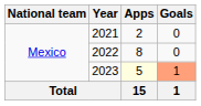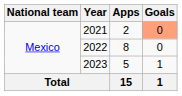 <table class="wikitable" style="text-align: center;">
 <tr>
 <th>National team</th>
 <th>Year</th>
 <th>Apps</th>
 <th>Goals</th>
 </tr>
 <tr>
 <td rowspan="3" valign="center"><a href='#'>Mexico</a></td>
 <td>2021</td>
 <td>2</td>
-<td>0</td>
+<td style="background: lightsalmon;">0</td>
 </tr>
 <tr>
 <td>2022</td>
 <td>8</td>
 <td>0</td>
 </tr>
 <tr>
 <td>2023</td>
-<td style="background: lightyellow;">5</td>
-<td style="background: lightsalmon;">1</td>
+<td>5</td>
+<td>1</td>
 </tr>
 <tr>
 <th colspan="2">Total</th>
 <th>15</th>
 <th>1</th>
 </tr>
 </table>
